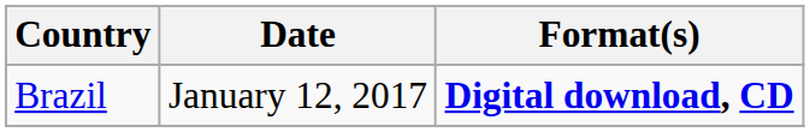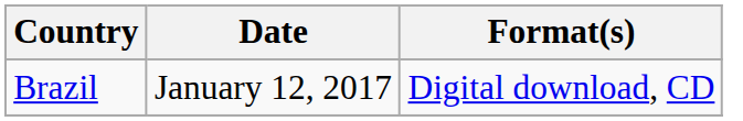 <table class="wikitable">
 <tr>
 <th>Country</th>
 <th>Date</th>
 <th>Format(s)</th>
 </tr>
 <tr>
 <td rowspan="1"><a href='#'>Brazil</a></td>
 <td>January 12, 2017</td>
-<td><strong><a href='#'>Digital download</a>, <a href='#'>CD</a></strong></td>
+<td><a href='#'>Digital download</a>, <a href='#'>CD</a></td>
 </tr>
 <tr>
 </tr>
 </table>
